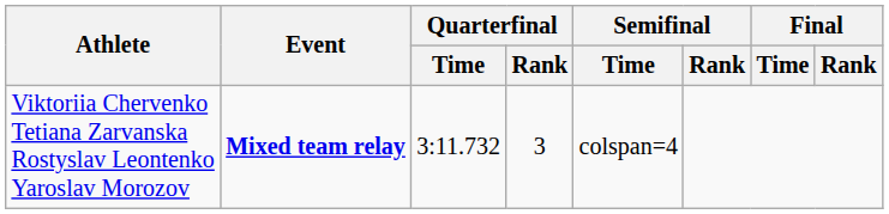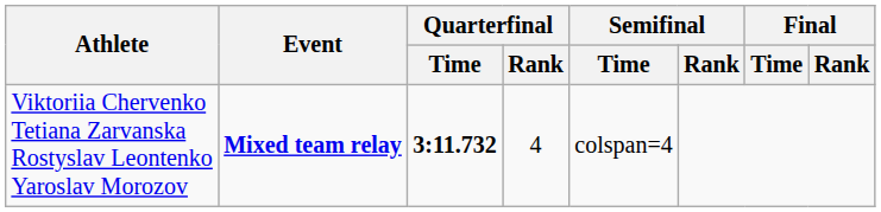 <table class=wikitable style=font-size:90%;text-align:center>
 <tr>
 <th rowspan="2">Athlete</th>
 <th rowspan="2">Event</th>
 <th colspan="2">Quarterfinal</th>
 <th colspan="2">Semifinal</th>
 <th colspan="2">Final</th>
 </tr>
 <tr>
 <th>Time</th>
 <th>Rank</th>
 <th>Time</th>
 <th>Rank</th>
 <th>Time</th>
 <th>Rank</th>
 </tr>
 <tr>
 <td align=left><a href='#'>Viktoriia Chervenko</a><br><a href='#'>Tetiana Zarvanska</a><br><a href='#'>Rostyslav Leontenko</a><br><a href='#'>Yaroslav Morozov</a></td>
 <td align=left><strong><a href='#'>Mixed team relay</a></strong></td>
-<td>3:11.732</td>
-<td>3</td>
+<td><strong>3:11.732</strong></td>
+<td>4</td>
 <td>colspan=4 </td>
 </tr>
 </table>
